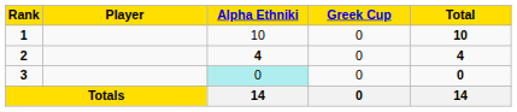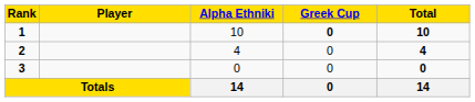 <table class="wikitable sortable" style="text-align:center">
 <tr>
 <th style="background:#FFDE00">Rank</th>
 <th width=200 style="background:#FFDE00">Player</th>
 <th width=120 style="background:#FFDE00"><a href='#'>Alpha Ethniki</a></th>
 <th width=120 style="background:#FFDE00"><a href='#'>Greek Cup</a></th>
 <th width=120 style="background:#FFDE00">Total</th>
 </tr>
 <tr>
 <td><strong>1</strong></td>
 <td align=left></td>
 <td>10</td>
-<td>0</td>
+<td><strong>0</strong></td>
 <td><strong>10</strong></td>
 </tr>
 <tr>
 <td><strong>2</strong></td>
 <td align=left></td>
-<td><strong>4</strong></td>
+<td>4</td>
 <td>0</td>
 <td><strong>4</strong></td>
 </tr>
 <tr>
 <td><strong>3</strong></td>
 <td align=left></td>
-<td style="background: paleturquoise;">0</td>
+<td>0</td>
 <td>0</td>
 <td><strong>0</strong></td>
 </tr>
 <tr class="sortbottom">
 <th colspan=2 style="background:#FFDE00"><strong>Totals</strong></th>
 <th><strong>14</strong></th>
 <th><strong> 0</strong></th>
 <th><strong>14</strong></th>
 </tr>
 </table>
